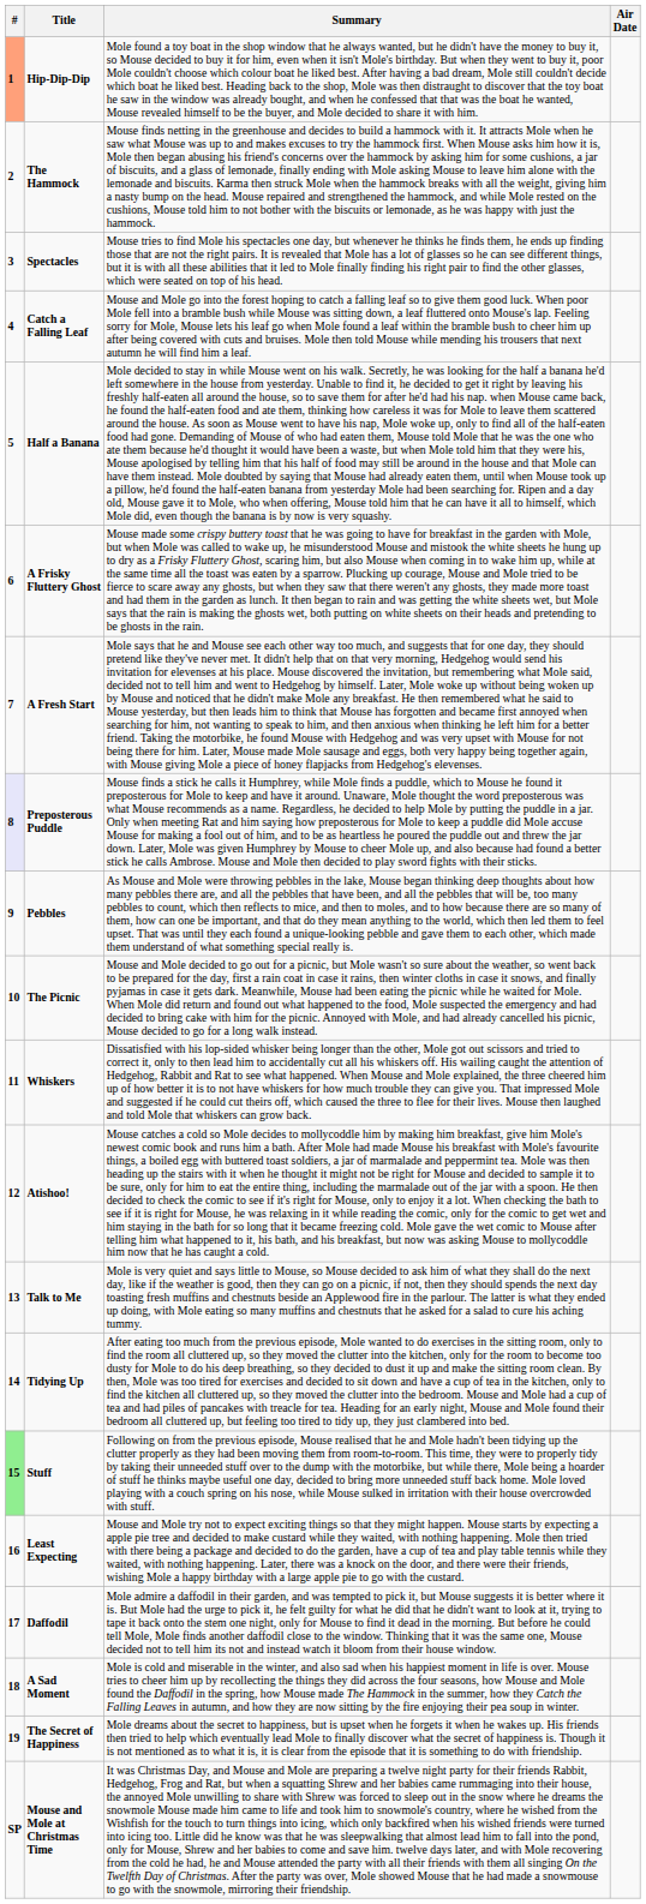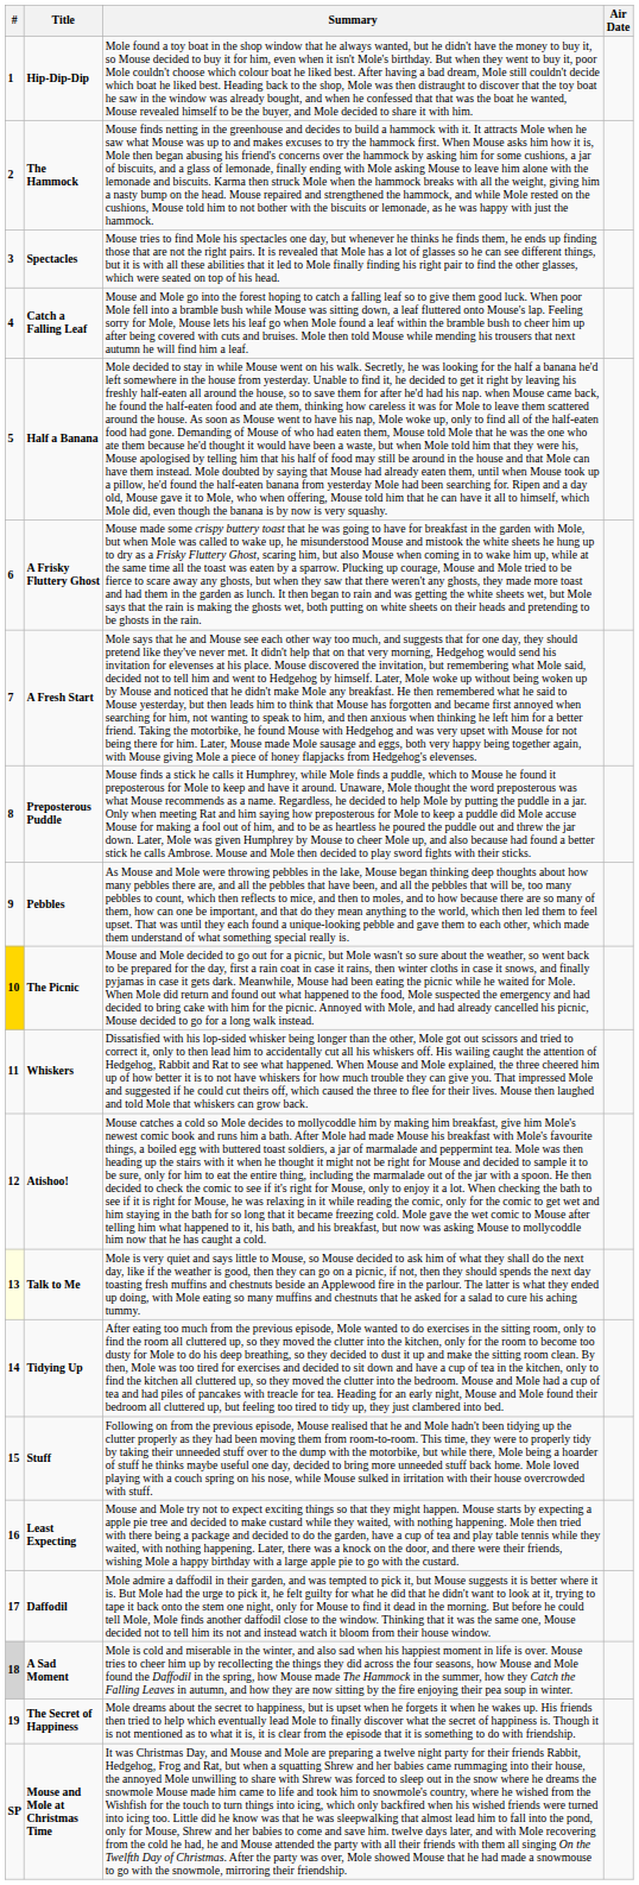 <table class="wikitable collapsible">
 <tr>
 <th><strong>#</strong></th>
 <th><strong>Title</strong></th>
 <th><strong>Summary</strong></th>
 <th><strong>Air Date</strong></th>
 </tr>
 <tr>
-<td style="background: lightsalmon;"><strong>1</strong></td>
+<td><strong>1</strong></td>
 <td><strong>Hip-Dip-Dip</strong></td>
 <td>Mole found a toy boat in the shop window that he always wanted, but he didn't have the money to buy it, so Mouse decided to buy it for him, even when it isn't Mole's birthday. But when they went to buy it, poor Mole couldn't choose which colour boat he liked best. After having a bad dream, Mole still couldn't decide which boat he liked best. Heading back to the shop, Mole was then distraught to discover that the toy boat he saw in the window was already bought, and when he confessed that that was the boat he wanted, Mouse revealed himself to be the buyer, and Mole decided to share it with him.</td>
 <td></td>
 </tr>
 <tr>
 <td><strong>2</strong></td>
 <td><strong>The Hammock</strong></td>
 <td>Mouse finds netting in the greenhouse and decides to build a hammock with it. It attracts Mole when he saw what Mouse was up to and makes excuses to try the hammock first. When Mouse asks him how it is, Mole then began abusing his friend's concerns over the hammock by asking him for some cushions, a jar of biscuits, and a glass of lemonade, finally ending with Mole asking Mouse to leave him alone with the lemonade and biscuits. Karma then struck Mole when the hammock breaks with all the weight, giving him a nasty bump on the head. Mouse repaired and strengthened the hammock, and while Mole rested on the cushions, Mouse told him to not bother with the biscuits or lemonade, as he was happy with just the hammock.</td>
 <td></td>
 </tr>
 <tr>
 <td><strong>3</strong></td>
 <td><strong>Spectacles</strong></td>
 <td>Mouse tries to find Mole his spectacles one day, but whenever he thinks he finds them, he ends up finding those that are not the right pairs. It is revealed that Mole has a lot of glasses so he can see different things, but it is with all these abilities that it led to Mole finally finding his right pair to find the other glasses, which were seated on top of his head.</td>
 <td></td>
 </tr>
 <tr>
 <td><strong>4</strong></td>
 <td><strong>Catch a Falling Leaf</strong></td>
 <td>Mouse and Mole go into the forest hoping to catch a falling leaf so to give them good luck. When poor Mole fell into a bramble bush while Mouse was sitting down, a leaf fluttered onto Mouse's lap. Feeling sorry for Mole, Mouse lets his leaf go when Mole found a leaf within the bramble bush to cheer him up after being covered with cuts and bruises. Mole then told Mouse while mending his trousers that next autumn he will find him a leaf.</td>
 <td></td>
 </tr>
 <tr>
 <td><strong>5</strong></td>
 <td><strong>Half a Banana</strong></td>
 <td>Mole decided to stay in while Mouse went on his walk. Secretly, he was looking for the half a banana he'd left somewhere in the house from yesterday. Unable to find it, he decided to get it right by leaving his freshly half-eaten all around the house, so to save them for after he'd had his nap. when Mouse came back, he found the half-eaten food and ate them, thinking how careless it was for Mole to leave them scattered around the house. As soon as Mouse went to have his nap, Mole woke up, only to find all of the half-eaten food had gone. Demanding of Mouse of who had eaten them, Mouse told Mole that he was the one who ate them because he'd thought it would have been a waste, but when Mole told him that they were his, Mouse apologised by telling him that his half of food may still be around in the house and that Mole can have them instead. Mole doubted by saying that Mouse had already eaten them, until when Mouse took up a pillow, he'd found the half-eaten banana from yesterday Mole had been searching for. Ripen and a day old, Mouse gave it to Mole, who when offering, Mouse told him that he can have it all to himself, which Mole did, even though the banana is by now is very squashy.</td>
 <td></td>
 </tr>
 <tr>
 <td><strong>6</strong></td>
 <td><strong>A Frisky Fluttery Ghost</strong></td>
 <td>Mouse made some <em>crispy buttery toast</em> that he was going to have for breakfast in the garden with Mole, but when Mole was called to wake up, he misunderstood Mouse and mistook the white sheets he hung up to dry as a <em>Frisky Fluttery Ghost,</em> scaring him, but also Mouse when coming in to wake him up, while at the same time all the toast was eaten by a sparrow. Plucking up courage, Mouse and Mole tried to be fierce to scare away any ghosts, but when they saw that there weren't any ghosts, they made more toast and had them in the garden as lunch. It then began to rain and was getting the white sheets wet, but Mole says that the rain is making the ghosts wet, both putting on white sheets on their heads and pretending to be ghosts in the rain.</td>
 <td></td>
 </tr>
 <tr>
 <td><strong>7</strong></td>
 <td><strong>A Fresh Start</strong></td>
 <td>Mole says that he and Mouse see each other way too much, and suggests that for one day, they should pretend like they've never met. It didn't help that on that very morning, Hedgehog would send his invitation for elevenses at his place. Mouse discovered the invitation, but remembering what Mole said, decided not to tell him and went to Hedgehog by himself. Later, Mole woke up without being woken up by Mouse and noticed that he didn't make Mole any breakfast. He then remembered what he said to Mouse yesterday, but then leads him to think that Mouse has forgotten and became first annoyed when searching for him, not wanting to speak to him, and then anxious when thinking he left him for a better friend. Taking the motorbike, he found Mouse with Hedgehog and was very upset with Mouse for not being there for him. Later, Mouse made Mole sausage and eggs, both very happy being together again, with Mouse giving Mole a piece of honey flapjacks from Hedgehog's elevenses.</td>
 <td></td>
 </tr>
 <tr>
-<td style="background: lavender;"><strong>8</strong></td>
+<td><strong>8</strong></td>
 <td><strong>Preposterous Puddle</strong></td>
 <td>Mouse finds a stick he calls it Humphrey, while Mole finds a puddle, which to Mouse he found it preposterous for Mole to keep and have it around. Unaware, Mole thought the word preposterous was what Mouse recommends as a name. Regardless, he decided to help Mole by putting the puddle in a jar. Only when meeting Rat and him saying how preposterous for Mole to keep a puddle did Mole accuse Mouse for making a fool out of him, and to be as heartless he poured the puddle out and threw the jar down. Later, Mole was given Humphrey by Mouse to cheer Mole up, and also because had found a better stick he calls Ambrose. Mouse and Mole then decided to play sword fights with their sticks.</td>
 <td></td>
 </tr>
 <tr>
 <td><strong>9</strong></td>
 <td><strong>Pebbles</strong></td>
 <td>As Mouse and Mole were throwing pebbles in the lake, Mouse began thinking deep thoughts about how many pebbles there are, and all the pebbles that have been, and all the pebbles that will be, too many pebbles to count, which then reflects to mice, and then to moles, and to how because there are so many of them, how can one be important, and that do they mean anything to the world, which then led them to feel upset. That was until they each found a unique-looking pebble and gave them to each other, which made them understand of what something special really is.</td>
 <td></td>
 </tr>
 <tr>
-<td><strong>10</strong></td>
+<td style="background: gold;"><strong>10</strong></td>
 <td><strong>The Picnic</strong></td>
 <td>Mouse and Mole decided to go out for a picnic, but Mole wasn't so sure about the weather, so went back to be prepared for the day, first a rain coat in case it rains, then winter cloths in case it snows, and finally pyjamas in case it gets dark. Meanwhile, Mouse had been eating the picnic while he waited for Mole. When Mole did return and found out what happened to the food, Mole suspected the emergency and had decided to bring cake with him for the picnic. Annoyed with Mole, and had already cancelled his picnic, Mouse decided to go for a long walk instead.</td>
 <td></td>
 </tr>
 <tr>
 <td><strong>11</strong></td>
 <td><strong>Whiskers</strong></td>
 <td>Dissatisfied with his lop-sided whisker being longer than the other, Mole got out scissors and tried to correct it, only to then lead him to accidentally cut all his whiskers off. His wailing caught the attention of Hedgehog, Rabbit and Rat to see what happened. When Mouse and Mole explained, the three cheered him up of how better it is to not have whiskers for how much trouble they can give you. That impressed Mole and suggested if he could cut theirs off, which caused the three to flee for their lives. Mouse then laughed and told Mole that whiskers can grow back.</td>
 <td></td>
 </tr>
 <tr>
 <td><strong>12</strong></td>
 <td><strong>Atishoo!</strong></td>
 <td>Mouse catches a cold so Mole decides to mollycoddle him by making him breakfast, give him Mole's newest comic book and runs him a bath. After Mole had made Mouse his breakfast with Mole's favourite things, a boiled egg with buttered toast soldiers, a jar of marmalade and peppermint tea. Mole was then heading up the stairs with it when he thought it might not be right for Mouse and decided to sample it to be sure, only for him to eat the entire thing, including the marmalade out of the jar with a spoon. He then decided to check the comic to see if it's right for Mouse, only to enjoy it a lot. When checking the bath to see if it is right for Mouse, he was relaxing in it while reading the comic, only for the comic to get wet and him staying in the bath for so long that it became freezing cold. Mole gave the wet comic to Mouse after telling him what happened to it, his bath, and his breakfast, but now was asking Mouse to mollycoddle him now that he has caught a cold.</td>
 <td></td>
 </tr>
 <tr>
-<td><strong>13</strong></td>
+<td style="background: lightyellow;"><strong>13</strong></td>
 <td><strong>Talk to Me</strong></td>
 <td>Mole is very quiet and says little to Mouse, so Mouse decided to ask him of what they shall do the next day, like if the weather is good, then they can go on a picnic, if not, then they should spends the next day toasting fresh muffins and chestnuts beside an Applewood fire in the parlour. The latter is what they ended up doing, with Mole eating so many muffins and chestnuts that he asked for a salad to cure his aching tummy.</td>
 <td></td>
 </tr>
 <tr>
 <td><strong>14</strong></td>
 <td><strong>Tidying Up</strong></td>
 <td>After eating too much from the previous episode, Mole wanted to do exercises in the sitting room, only to find the room all cluttered up, so they moved the clutter into the kitchen, only for the room to become too dusty for Mole to do his deep breathing, so they decided to dust it up and make the sitting room clean. By then, Mole was too tired for exercises and decided to sit down and have a cup of tea in the kitchen, only to find the kitchen all cluttered up, so they moved the clutter into the bedroom. Mouse and Mole had a cup of tea and had piles of pancakes with treacle for tea. Heading for an early night, Mouse and Mole found their bedroom all cluttered up, but feeling too tired to tidy up, they just clambered into bed.</td>
 <td></td>
 </tr>
 <tr>
-<td style="background: lightgreen;"><strong>15</strong></td>
+<td><strong>15</strong></td>
 <td><strong>Stuff</strong></td>
 <td>Following on from the previous episode, Mouse realised that he and Mole hadn't been tidying up the clutter properly as they had been moving them from room-to-room. This time, they were to properly tidy by taking their unneeded stuff over to the dump with the motorbike, but while there, Mole being a hoarder of stuff he thinks maybe useful one day, decided to bring more unneeded stuff back home. Mole loved playing with a couch spring on his nose, while Mouse sulked in irritation with their house overcrowded with stuff.</td>
 <td></td>
 </tr>
 <tr>
 <td><strong>16</strong></td>
 <td><strong>Least Expecting</strong></td>
 <td>Mouse and Mole try not to expect exciting things so that they might happen. Mouse starts by expecting a apple pie tree and decided to make custard while they waited, with nothing happening. Mole then tried with there being a package and decided to do the garden, have a cup of tea and play table tennis while they waited, with nothing happening. Later, there was a knock on the door, and there were their friends, wishing Mole a happy birthday with a large apple pie to go with the custard.</td>
 <td></td>
 </tr>
 <tr>
 <td><strong>17</strong></td>
 <td><strong>Daffodil</strong></td>
 <td>Mole admire a daffodil in their garden, and was tempted to pick it, but Mouse suggests it is better where it is. But Mole had the urge to pick it, he felt guilty for what he did that he didn't want to look at it, trying to tape it back onto the stem one night, only for Mouse to find it dead in the morning. But before he could tell Mole, Mole finds another daffodil close to the window. Thinking that it was the same one, Mouse decided not to tell him its not and instead watch it bloom from their house window.</td>
 <td></td>
 </tr>
 <tr>
-<td><strong>18</strong></td>
+<td style="background: lightgrey;"><strong>18</strong></td>
 <td><strong>A Sad Moment</strong></td>
 <td>Mole is cold and miserable in the winter, and also sad when his happiest moment in life is over. Mouse tries to cheer him up by recollecting the things they did across the four seasons, how Mouse and Mole found the <em>Daffodil</em> in the spring, how Mouse made <em>The Hammock</em> in the summer, how they <em>Catch the Falling Leaves</em> in autumn, and how they are now sitting by the fire enjoying their pea soup in winter.</td>
 <td></td>
 </tr>
 <tr>
 <td><strong>19</strong></td>
 <td><strong>The Secret of Happiness</strong></td>
 <td>Mole dreams about the secret to happiness, but is upset when he forgets it when he wakes up. His friends then tried to help which eventually lead Mole to finally discover what the secret of happiness is. Though it is not mentioned as to what it is, it is clear from the episode that it is something to do with friendship.</td>
 <td></td>
 </tr>
 <tr>
 <td><strong>SP</strong></td>
 <td><strong>Mouse and Mole at Christmas Time</strong></td>
 <td>It was Christmas Day, and Mouse and Mole are preparing a twelve night party for their friends Rabbit, Hedgehog, Frog and Rat, but when a squatting Shrew and her babies came rummaging into their house, the annoyed Mole unwilling to share with Shrew was forced to sleep out in the snow where he dreams the snowmole Mouse made him came to life and took him to snowmole's country, where he wished from the Wishfish for the touch to turn things into icing, which only backfired when his wished friends were turned into icing too. Little did he know was that he was sleepwalking that almost lead him to fall into the pond, only for Mouse, Shrew and her babies to come and save him. twelve days later, and with Mole recovering from the cold he had, he and Mouse attended the party with all their friends with them all singing <em>On the Twelfth Day of Christmas</em>. After the party was over, Mole showed Mouse that he had made a snowmouse to go with the snowmole, mirroring their friendship.</td>
 </tr>
 </table>
